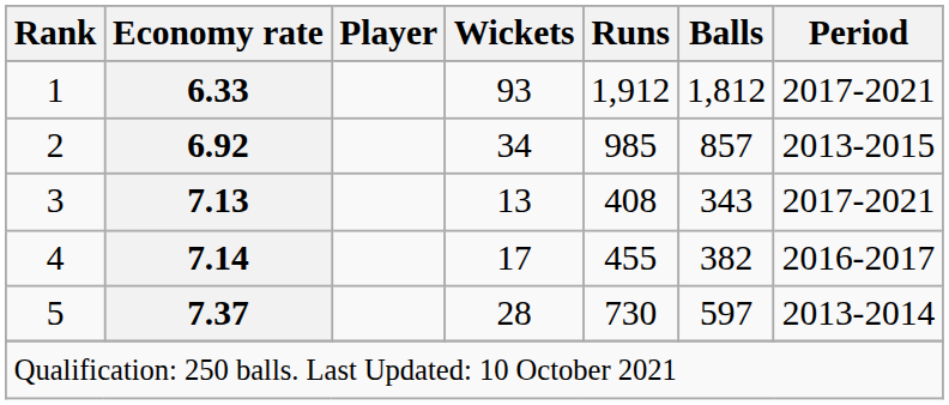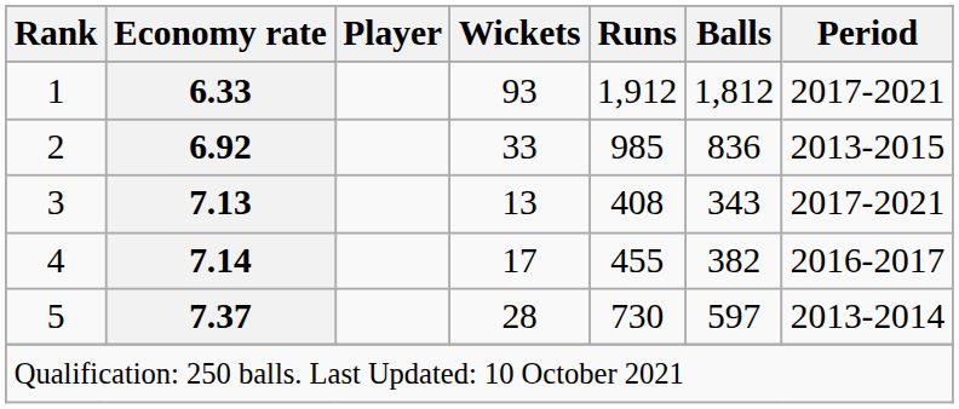 <table class="wikitable">
 <tr>
 <th style="text-align:center;">Rank</th>
 <th style="text-align:center;">Economy rate</th>
 <th style="text-align:center;">Player</th>
 <th style="text-align:center;">Wickets</th>
 <th style="text-align:center;">Runs</th>
 <th style="text-align:center;">Balls</th>
 <th style="text-align:center;">Period</th>
 </tr>
 <tr>
 <td align=center>1</td>
 <th scope=row style=text-align:center;>6.33</th>
 <td></td>
 <td align=center>93</td>
 <td align=center>1,912</td>
 <td align=center>1,812</td>
 <td>2017-2021</td>
 </tr>
 <tr>
 <td align=center>2</td>
 <th scope=row style=text-align:center;>6.92</th>
 <td></td>
-<td align=center>34</td>
+<td align=center>33</td>
 <td align=center>985</td>
-<td align=center>857</td>
+<td align=center>836</td>
 <td>2013-2015</td>
 </tr>
 <tr>
 <td align=center>3</td>
 <th scope=row style=text-align:center;>7.13</th>
 <td></td>
 <td align=center>13</td>
 <td align=center>408</td>
 <td align=center>343</td>
 <td>2017-2021</td>
 </tr>
 <tr>
 <td align=center>4</td>
 <th scope=row style=text-align:center;>7.14</th>
 <td></td>
 <td align=center>17</td>
 <td align=center>455</td>
 <td align=center>382</td>
 <td>2016-2017</td>
 </tr>
 <tr>
 <td align=center>5</td>
 <th scope=row style=text-align:center;>7.37</th>
 <td></td>
 <td align=center>28</td>
 <td align=center>730</td>
 <td align=center>597</td>
 <td>2013-2014</td>
 </tr>
 <tr>
 </tr>
 <tr class=sortbottom>
 <td colspan=7><small>Qualification: 250 balls. Last Updated: 10 October 2021</small></td>
 </tr>
 </table>
